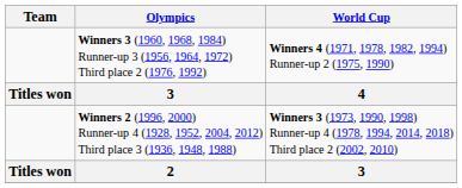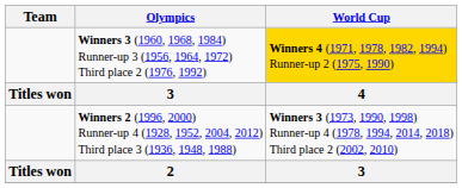 <table class="wikitable">
 <tr>
 <th>Team</th>
 <th><small><a href='#'>Olympics</a></small></th>
 <th><small><a href='#'>World Cup</a></small></th>
 </tr>
 <tr>
 <td></td>
 <td> <strong><small>Winners 3</small></strong> <small>(<a href='#'>1960</a>, <a href='#'>1968</a>, <a href='#'>1984</a>)</small><br> <small>Runner-up 3 (<a href='#'>1956</a>, <a href='#'>1964</a>, <a href='#'>1972</a>)</small><br> <small>Third place 2 (<a href='#'>1976</a>, <a href='#'>1992</a>)</small></td>
-<td> <strong><small>Winners 4</small></strong> <small>(<a href='#'>1971</a>, <a href='#'>1978</a>, <a href='#'>1982</a>, <a href='#'>1994</a>)</small><br> <small>Runner-up 2 (<a href='#'>1975</a>, <a href='#'>1990</a>)</small></td>
+<td style="background: gold;"> <strong><small>Winners 4</small></strong> <small>(<a href='#'>1971</a>, <a href='#'>1978</a>, <a href='#'>1982</a>, <a href='#'>1994</a>)</small><br> <small>Runner-up 2 (<a href='#'>1975</a>, <a href='#'>1990</a>)</small></td>
 </tr>
 <tr>
 <th>Titles won</th>
 <th>3</th>
 <th>4</th>
 </tr>
 <tr>
 <td></td>
 <td> <strong><small>Winners 2</small></strong> <small>(<a href='#'>1996</a>, <a href='#'>2000</a>)</small><br> <small>Runner-up</small> <small>4 (<a href='#'>1928</a>, <a href='#'>1952</a>, <a href='#'>2004</a>, <a href='#'>2012</a>)</small><br> <small>Third place 3 (<a href='#'>1936</a>, <a href='#'>1948</a>, <a href='#'>1988</a>)</small></td>
 <td> <strong><small>Winners 3</small></strong> <small>(<a href='#'>1973</a>, <a href='#'>1990</a>, <a href='#'>1998</a>)</small><br> <small>Runner-up 4 (<a href='#'>1978</a>, <a href='#'>1994</a>, <a href='#'>2014</a>, <a href='#'>2018</a>)</small><br> <small>Third place 2 (<a href='#'>2002</a>, <a href='#'>2010</a>)</small></td>
 </tr>
 <tr>
 <th>Titles won</th>
 <th>2</th>
 <th>3</th>
 </tr>
 <tr>
 </tr>
 </table>
